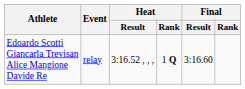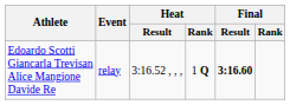 <table class="wikitable" style="font-size:90%">
 <tr>
 <th rowspan="2">Athlete</th>
 <th rowspan="2">Event</th>
 <th colspan="2">Heat</th>
 <th colspan="2">Final</th>
 </tr>
 <tr style="font-size:95%">
 <th>Result</th>
 <th>Rank</th>
 <th>Result</th>
 <th>Rank</th>
 </tr>
 <tr align=center>
 <td align=left><a href='#'>Edoardo Scotti</a><br><a href='#'>Giancarla Trevisan</a><br><a href='#'>Alice Mangione</a><br><a href='#'>Davide Re</a></td>
 <td align=left><a href='#'> relay</a></td>
 <td>3:16.52 , , , </td>
 <td>1 <strong>Q</strong></td>
-<td>3:16.60</td>
+<td><strong>3:16.60</strong></td>
 <td></td>
 </tr>
 </table>
